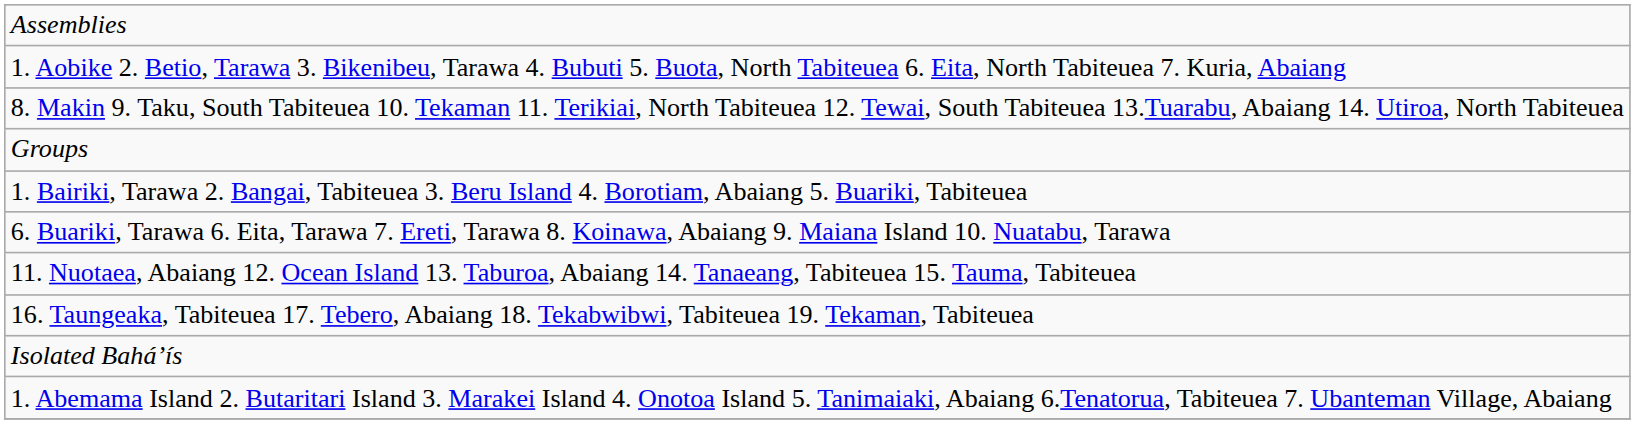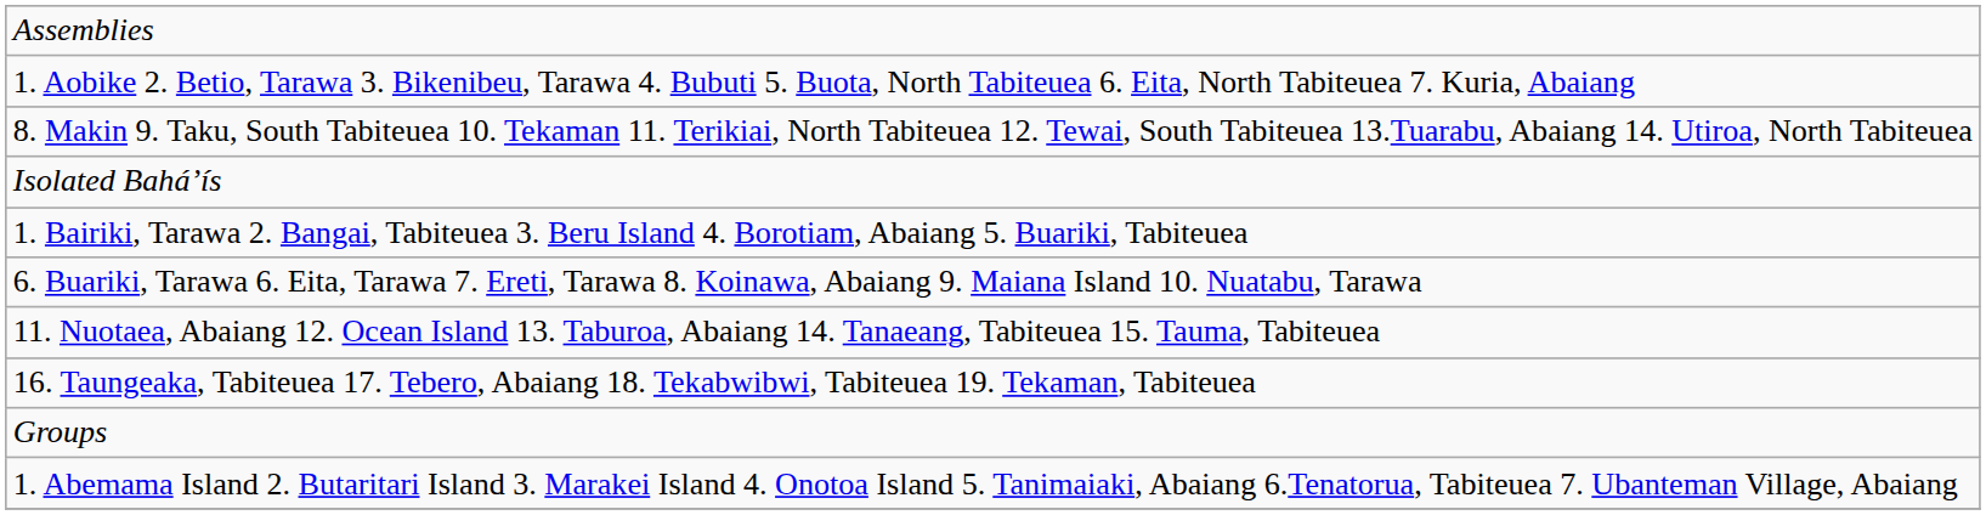 <table class="wikitable" border="1">
 <tr>
 <td><div><em>Assemblies</em></div></td>
 </tr>
 <tr>
 <td>1. <a href='#'>Aobike</a> 2. <a href='#'>Betio</a>, <a href='#'>Tarawa</a> 3. <a href='#'>Bikenibeu</a>, Tarawa 4. <a href='#'>Bubuti</a> 5. <a href='#'>Buota</a>, North <a href='#'>Tabiteuea</a> 6. <a href='#'>Eita</a>, North Tabiteuea 7. Kuria, <a href='#'>Abaiang</a></td>
 </tr>
 <tr>
 <td>8. <a href='#'>Makin</a> 9. Taku, South Tabiteuea 10. <a href='#'>Tekaman</a> 11. <a href='#'>Terikiai</a>, North Tabiteuea 12. <a href='#'>Tewai</a>, South Tabiteuea 13.<a href='#'>Tuarabu</a>, Abaiang 14. <a href='#'>Utiroa</a>, North Tabiteuea</td>
 </tr>
 <tr>
-<td><div><em>Groups</em></div></td>
+<td><div><em>Isolated Baháʼís</em></div></td>
 </tr>
 <tr>
 <td>1. <a href='#'>Bairiki</a>, Tarawa 2. <a href='#'>Bangai</a>, Tabiteuea 3. <a href='#'>Beru Island</a> 4. <a href='#'>Borotiam</a>, Abaiang 5. <a href='#'>Buariki</a>, Tabiteuea</td>
 </tr>
 <tr>
 <td>6. <a href='#'>Buariki</a>, Tarawa 6. Eita, Tarawa 7. <a href='#'>Ereti</a>, Tarawa 8. <a href='#'>Koinawa</a>, Abaiang 9. <a href='#'>Maiana</a> Island 10. <a href='#'>Nuatabu</a>, Tarawa</td>
 </tr>
 <tr>
 <td>11. <a href='#'>Nuotaea</a>, Abaiang 12. <a href='#'>Ocean Island</a> 13. <a href='#'>Taburoa</a>, Abaiang 14. <a href='#'>Tanaeang</a>, Tabiteuea 15. <a href='#'>Tauma</a>, Tabiteuea</td>
 </tr>
 <tr>
 <td>16. <a href='#'>Taungeaka</a>, Tabiteuea 17. <a href='#'>Tebero</a>, Abaiang 18. <a href='#'>Tekabwibwi</a>, Tabiteuea 19. <a href='#'>Tekaman</a>, Tabiteuea</td>
 </tr>
 <tr>
-<td><div><em>Isolated Baháʼís</em></div></td>
+<td><div><em>Groups</em></div></td>
 </tr>
 <tr>
 <td>1. <a href='#'>Abemama</a> Island 2. <a href='#'>Butaritari</a> Island 3. <a href='#'>Marakei</a> Island 4. <a href='#'>Onotoa</a> Island 5. <a href='#'>Tanimaiaki</a>, Abaiang 6.<a href='#'>Tenatorua</a>, Tabiteuea 7. <a href='#'>Ubanteman</a> Village, Abaiang</td>
 </tr>
 <tr>
 </tr>
 </table>
